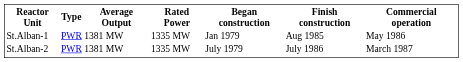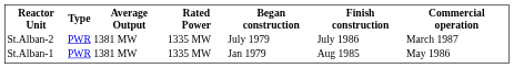 <table style="width:60%; border:1px solid; btext-align:center;">
 <tr>
 <th>Reactor Unit</th>
 <th>Type</th>
 <th>Average Output</th>
 <th>Rated Power</th>
 <th>Began construction</th>
 <th>Finish construction</th>
 <th>Commercial operation</th>
 </tr>
 <tr>
+<td>St.Alban-2</td>
+<td><a href='#'>PWR</a></td>
+<td>1381 MW</td>
+<td>1335 MW</td>
+<td>July 1979</td>
+<td>July 1986</td>
+<td>March 1987</td>
+</tr>
+<tr>
 <td>St.Alban-1</td>
 <td><a href='#'>PWR</a></td>
 <td>1381 MW</td>
 <td>1335 MW</td>
 <td>Jan 1979</td>
 <td>Aug 1985</td>
 <td>May 1986</td>
 </tr>
 <tr>
-<td>St.Alban-2</td>
-<td><a href='#'>PWR</a></td>
-<td>1381 MW</td>
-<td>1335 MW</td>
-<td>July 1979</td>
-<td>July 1986</td>
-<td>March 1987</td>
-</tr>
-<tr>
 </tr>
 </table>
